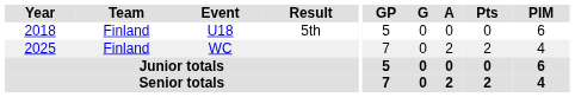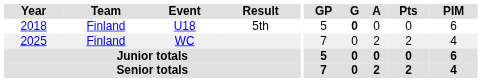 <table border="0" cellpadding="1" cellspacing="0" ID="Table3" style="text-align:center; width:40em">
 <tr ALIGN="center" bgcolor="#e0e0e0">
 <th>Year</th>
 <th>Team</th>
 <th>Event</th>
 <th>Result</th>
 <th rowspan="99" bgcolor="#ffffff"></th>
 <th>GP</th>
 <th>G</th>
 <th>A</th>
 <th>Pts</th>
 <th>PIM</th>
 </tr>
 <tr>
 <td><a href='#'>2018</a></td>
 <td><a href='#'>Finland</a></td>
 <td><a href='#'>U18</a></td>
 <td>5th</td>
 <td>5</td>
-<td>0</td>
+<td><strong>0</strong></td>
 <td>0</td>
 <td>0</td>
 <td>6</td>
 </tr>
 <tr bgcolor="#f0f0f0">
 <td><a href='#'>2025</a></td>
 <td><a href='#'>Finland</a></td>
 <td><a href='#'>WC</a></td>
 <td></td>
 <td>7</td>
 <td>0</td>
 <td>2</td>
 <td>2</td>
 <td>4</td>
 </tr>
 <tr bgcolor="#e0e0e0">
 <th colspan="4">Junior totals</th>
 <th>5</th>
 <th>0</th>
 <th>0</th>
 <th>0</th>
 <th>6</th>
 </tr>
 <tr bgcolor="#e0e0e0">
 <th colspan="4">Senior totals</th>
 <th>7</th>
 <th>0</th>
 <th>2</th>
 <th>2</th>
 <th>4</th>
 </tr>
 </table>
